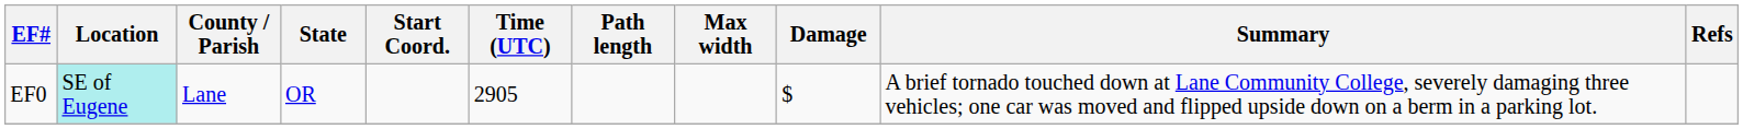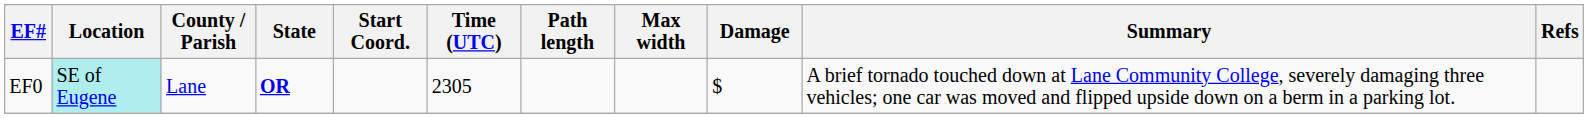 <table class="wikitable sortable" style="width:100%;">
 <tr>
 <th scope="col" width="3%" align="center"><a href='#'>EF#</a></th>
 <th scope="col" width="7%" align="center" class="unsortable">Location</th>
 <th scope="col" width="6%" align="center" class="unsortable">County / Parish</th>
 <th scope="col" width="5%" align="center">State</th>
 <th scope="col" width="6%" align="center">Start Coord.</th>
 <th scope="col" width="6%" align="center">Time (<a href='#'>UTC</a>)</th>
 <th scope="col" width="6%" align="center">Path length</th>
 <th scope="col" width="6%" align="center">Max width</th>
 <th scope="col" width="6%" align="center">Damage</th>
 <th scope="col" width="48%" class="unsortable" align="center">Summary</th>
 <th scope="col" width="48%" class="unsortable" align="center">Refs</th>
 </tr>
 <tr>
 <td>EF0</td>
 <td style="background: paleturquoise;">SE of <a href='#'>Eugene</a></td>
 <td><a href='#'>Lane</a></td>
-<td><a href='#'>OR</a></td>
+<td><strong><a href='#'>OR</a></strong></td>
 <td></td>
-<td>2905</td>
+<td>2305</td>
 <td></td>
 <td></td>
 <td>$</td>
 <td>A brief tornado touched down at <a href='#'>Lane Community College</a>, severely damaging three vehicles; one car was moved  and flipped upside down on a berm in a parking lot.</td>
 <td></td>
 </tr>
 <tr>
 </tr>
 </table>
